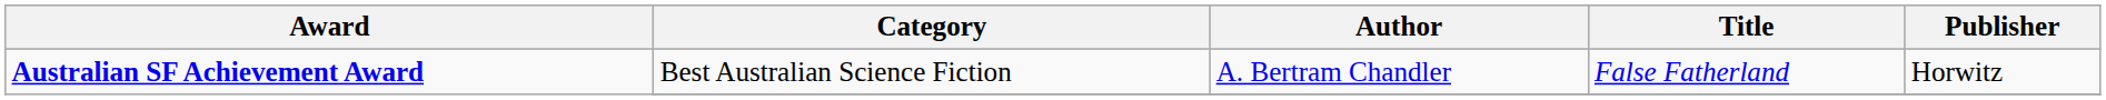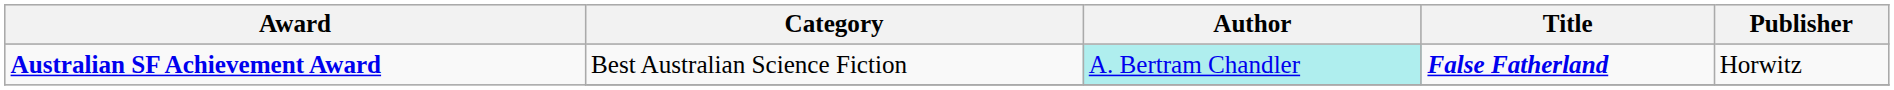 <table class="wikitable" width=95%>
 <tr>
 <th>Award</th>
 <th>Category</th>
 <th>Author</th>
 <th>Title</th>
 <th>Publisher</th>
 </tr>
 <tr>
 <td rowspan=2><strong><a href='#'> Australian SF Achievement Award</a></strong></td>
 <td>Best Australian Science Fiction</td>
-<td><a href='#'>A. Bertram Chandler</a></td>
-<td><em><a href='#'>False Fatherland</a></em></td>
+<td style="background: paleturquoise;"><a href='#'>A. Bertram Chandler</a></td>
+<td><strong><em><a href='#'>False Fatherland</a></em></strong></td>
 <td>Horwitz</td>
 </tr>
 <tr>
 </tr>
 </table>
